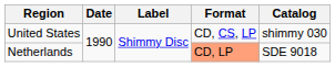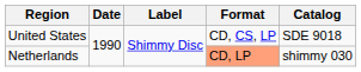 <table class="wikitable">
 <tr>
 <th>Region</th>
 <th>Date</th>
 <th>Label</th>
 <th>Format</th>
 <th>Catalog</th>
 </tr>
 <tr>
 <td>United States</td>
 <td rowspan="2">1990</td>
 <td rowspan="2"><a href='#'>Shimmy Disc</a></td>
 <td>CD, <a href='#'>CS</a>, <a href='#'>LP</a></td>
-<td>shimmy 030</td>
+<td>SDE 9018</td>
 </tr>
 <tr>
 <td>Netherlands</td>
 <td style="background: lightsalmon;">CD, LP</td>
-<td>SDE 9018</td>
+<td>shimmy 030</td>
 </tr>
 </table>
